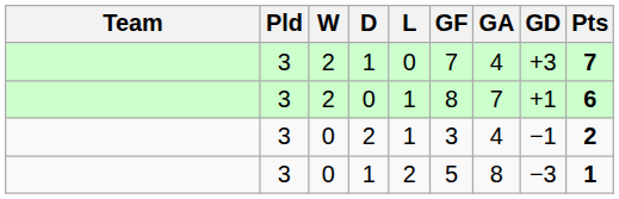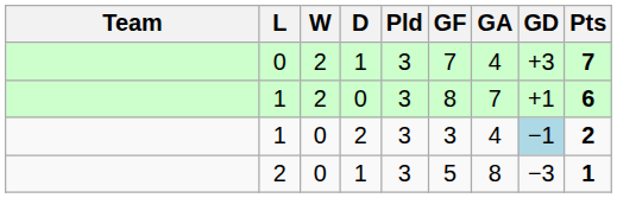 <table class="wikitable" style="text-align:center;">
 <tr>
 <th width=165>Team</th>
-<th width=20>Pld</th>
+<th width=20>L</th>
 <th width=20>W</th>
 <th width=20>D</th>
-<th width=20>L</th>
+<th width=20>Pld</th>
 <th width=20>GF</th>
 <th width=20>GA</th>
 <th width=20>GD</th>
 <th width=20>Pts</th>
 </tr>
 <tr align=center style="background:#ccffcc;">
 <td style="text-align:left;"></td>
-<td>3</td>
+<td>0</td>
 <td>2</td>
 <td>1</td>
-<td>0</td>
+<td>3</td>
 <td>7</td>
 <td>4</td>
 <td>+3</td>
 <td><strong>7</strong></td>
 </tr>
 <tr align=center style="background:#ccffcc;">
 <td style="text-align:left;"></td>
-<td>3</td>
+<td>1</td>
 <td>2</td>
 <td>0</td>
-<td>1</td>
+<td>3</td>
 <td>8</td>
 <td>7</td>
 <td>+1</td>
 <td><strong>6</strong></td>
 </tr>
 <tr>
 <td style="text-align:left;"></td>
-<td>3</td>
+<td>1</td>
 <td>0</td>
 <td>2</td>
-<td>1</td>
+<td>3</td>
 <td>3</td>
 <td>4</td>
-<td>−1</td>
+<td style="background: lightblue;">−1</td>
 <td><strong>2</strong></td>
 </tr>
 <tr>
 <td style="text-align:left;"></td>
-<td>3</td>
+<td>2</td>
 <td>0</td>
 <td>1</td>
-<td>2</td>
+<td>3</td>
 <td>5</td>
 <td>8</td>
 <td>−3</td>
 <td><strong>1</strong></td>
 </tr>
 </table>
